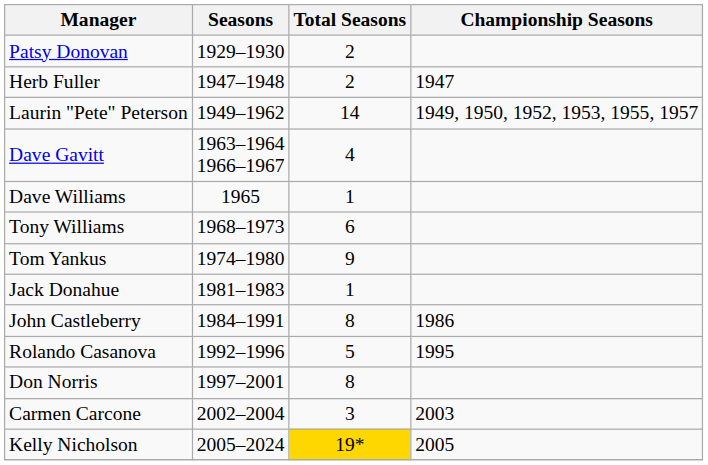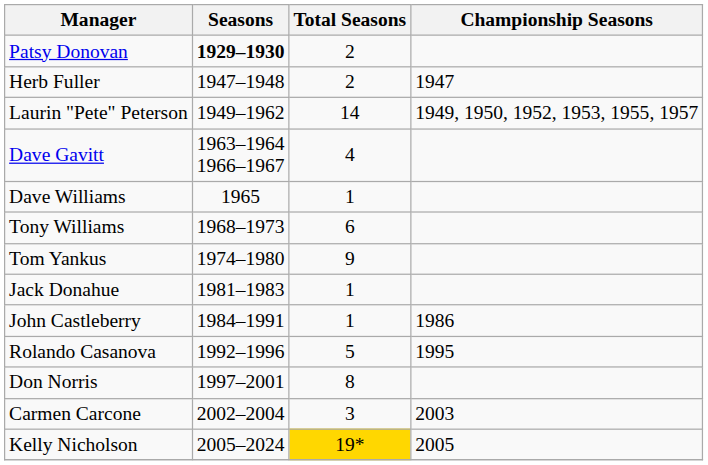 <table class="wikitable" style="text-align:center">
 <tr>
 <th>Manager</th>
 <th>Seasons</th>
 <th>Total Seasons</th>
 <th>Championship Seasons</th>
 </tr>
 <tr>
 <td style="text-align:left"><a href='#'>Patsy Donovan</a></td>
-<td>1929–1930</td>
+<td><strong>1929–1930</strong></td>
 <td>2</td>
 <td style="text-align:left"></td>
 </tr>
 <tr>
 <td style="text-align:left">Herb Fuller</td>
 <td>1947–1948</td>
 <td>2</td>
 <td style="text-align:left">1947</td>
 </tr>
 <tr>
 <td style="text-align:left">Laurin "Pete" Peterson</td>
 <td>1949–1962</td>
 <td>14</td>
 <td style="text-align:left">1949, 1950, 1952, 1953, 1955, 1957</td>
 </tr>
 <tr>
 <td style="text-align:left"><a href='#'>Dave Gavitt</a></td>
 <td>1963–1964<br>1966–1967</td>
 <td>4</td>
 <td style="text-align:left"></td>
 </tr>
 <tr>
 <td style="text-align:left">Dave Williams</td>
 <td>1965</td>
 <td>1</td>
 <td style="text-align:left"></td>
 </tr>
 <tr>
 <td style="text-align:left">Tony Williams</td>
 <td>1968–1973</td>
 <td>6</td>
 <td style="text-align:left"></td>
 </tr>
 <tr>
 <td style="text-align:left">Tom Yankus</td>
 <td>1974–1980</td>
 <td>9</td>
 <td style="text-align:left"></td>
 </tr>
 <tr>
 <td style="text-align:left">Jack Donahue</td>
 <td>1981–1983</td>
 <td>1</td>
 <td style="text-align:left"></td>
 </tr>
 <tr>
 <td style="text-align:left">John Castleberry</td>
 <td>1984–1991</td>
-<td>8</td>
+<td>1</td>
 <td style="text-align:left">1986</td>
 </tr>
 <tr>
 <td style="text-align:left">Rolando Casanova</td>
 <td>1992–1996</td>
 <td>5</td>
 <td style="text-align:left">1995</td>
 </tr>
 <tr>
 <td style="text-align:left">Don Norris</td>
 <td>1997–2001</td>
 <td>8</td>
 <td style="text-align:left"></td>
 </tr>
 <tr>
 <td style="text-align:left">Carmen Carcone</td>
 <td>2002–2004</td>
 <td>3</td>
 <td style="text-align:left">2003</td>
 </tr>
 <tr>
 <td style="text-align:left">Kelly Nicholson</td>
 <td>2005–2024</td>
 <td style="background: gold;">19*</td>
 <td style="text-align:left">2005</td>
 </tr>
 <tr>
 </tr>
 </table>
